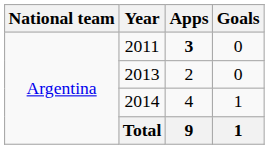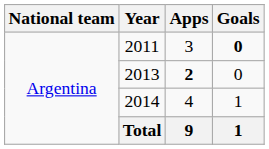 <table class="wikitable" style="text-align:center">
 <tr>
 <th>National team</th>
 <th>Year</th>
 <th>Apps</th>
 <th>Goals</th>
 </tr>
 <tr>
 <td rowspan="4"><a href='#'>Argentina</a></td>
 <td>2011</td>
-<td><strong>3</strong></td>
-<td>0</td>
+<td>3</td>
+<td><strong>0</strong></td>
 </tr>
 <tr>
 <td>2013</td>
-<td>2</td>
+<td><strong>2</strong></td>
 <td>0</td>
 </tr>
 <tr>
 <td>2014</td>
 <td>4</td>
 <td>1</td>
 </tr>
 <tr>
 <th>Total</th>
 <th>9</th>
 <th>1</th>
 </tr>
 </table>
